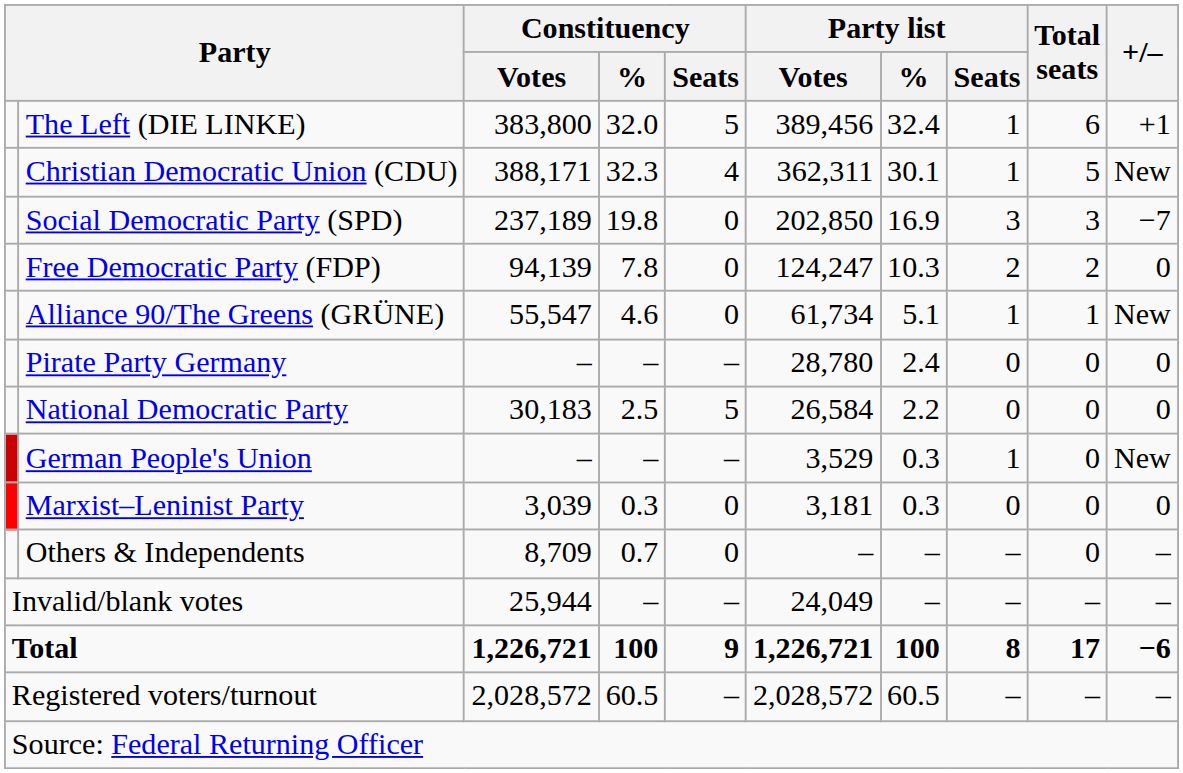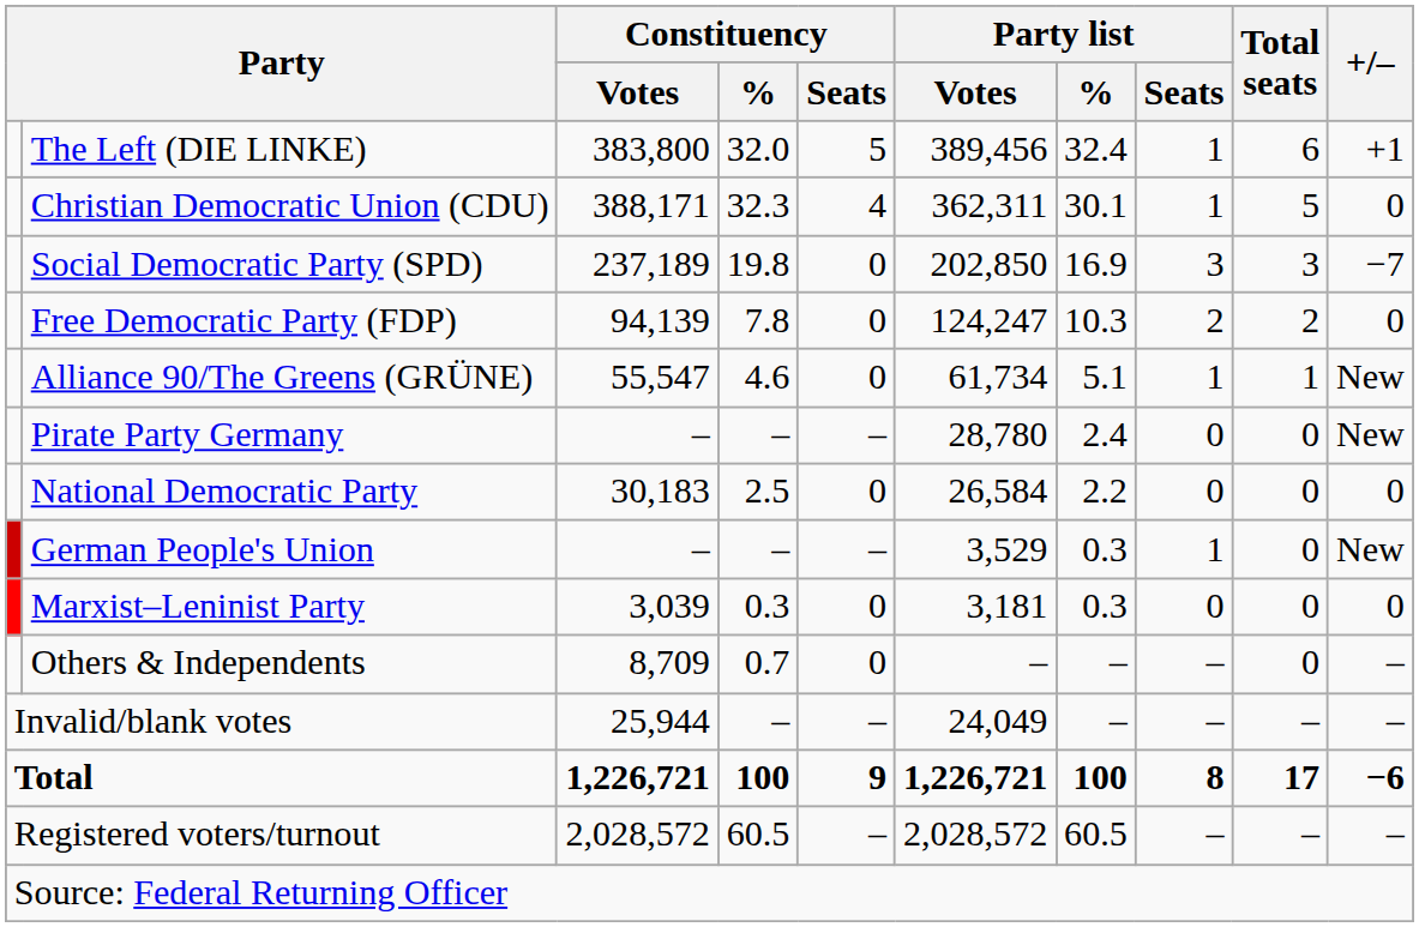 <table class="wikitable" style="text-align:right">
 <tr>
 <th colspan="2" rowspan="2">Party</th>
 <th colspan="3">Constituency</th>
 <th colspan="3">Party list</th>
 <th rowspan="2">Total<br>seats</th>
 <th rowspan="2">+/–</th>
 </tr>
 <tr>
 <th>Votes</th>
 <th>%</th>
 <th>Seats</th>
 <th>Votes</th>
 <th>%</th>
 <th>Seats</th>
 </tr>
 <tr>
 <td></td>
 <td align="left"><a href='#'>The Left</a> (DIE LINKE)</td>
 <td>383,800</td>
 <td>32.0</td>
 <td>5</td>
 <td>389,456</td>
 <td>32.4</td>
 <td>1</td>
 <td>6</td>
 <td>+1</td>
 </tr>
 <tr>
 <td></td>
 <td align="left"><a href='#'>Christian Democratic Union</a> (CDU)</td>
 <td>388,171</td>
 <td>32.3</td>
 <td>4</td>
 <td>362,311</td>
 <td>30.1</td>
 <td>1</td>
 <td>5</td>
-<td>New</td>
+<td>0</td>
 </tr>
 <tr>
 <td></td>
 <td align="left"><a href='#'>Social Democratic Party</a> (SPD)</td>
 <td>237,189</td>
 <td>19.8</td>
 <td>0</td>
 <td>202,850</td>
 <td>16.9</td>
 <td>3</td>
 <td>3</td>
 <td>−7</td>
 </tr>
 <tr>
 <td></td>
 <td align="left"><a href='#'>Free Democratic Party</a> (FDP)</td>
 <td>94,139</td>
 <td>7.8</td>
 <td>0</td>
 <td>124,247</td>
 <td>10.3</td>
 <td>2</td>
 <td>2</td>
 <td>0</td>
 </tr>
 <tr>
 <td></td>
 <td align="left"><a href='#'>Alliance 90/The Greens</a> (GRÜNE)</td>
 <td>55,547</td>
 <td>4.6</td>
 <td>0</td>
 <td>61,734</td>
 <td>5.1</td>
 <td>1</td>
 <td>1</td>
 <td>New</td>
 </tr>
 <tr>
 <td style="background-color:"></td>
 <td align="left"><a href='#'>Pirate Party Germany</a></td>
 <td>–</td>
 <td>–</td>
 <td>–</td>
 <td>28,780</td>
 <td>2.4</td>
 <td>0</td>
 <td>0</td>
-<td>0</td>
+<td>New</td>
 </tr>
 <tr>
 <td style="background-color:"></td>
 <td align="left"><a href='#'>National Democratic Party</a></td>
 <td>30,183</td>
 <td>2.5</td>
-<td>5</td>
+<td>0</td>
 <td>26,584</td>
 <td>2.2</td>
 <td>0</td>
 <td>0</td>
 <td>0</td>
 </tr>
 <tr>
 <td style="background-color:#CC0000"></td>
 <td align="left"><a href='#'>German People's Union</a></td>
 <td>–</td>
 <td>–</td>
 <td>–</td>
 <td>3,529</td>
 <td>0.3</td>
 <td>1</td>
 <td>0</td>
 <td>New</td>
 </tr>
 <tr>
 <td style="background-color:red"></td>
 <td align="left"><a href='#'>Marxist–Leninist Party</a></td>
 <td>3,039</td>
 <td>0.3</td>
 <td>0</td>
 <td>3,181</td>
 <td>0.3</td>
 <td>0</td>
 <td>0</td>
 <td>0</td>
 </tr>
 <tr>
 <td></td>
 <td align="left">Others & Independents</td>
 <td>8,709</td>
 <td>0.7</td>
 <td>0</td>
 <td>–</td>
 <td>–</td>
 <td>–</td>
 <td>0</td>
 <td>–</td>
 </tr>
 <tr>
 <td colspan="2" align="left">Invalid/blank votes</td>
 <td>25,944</td>
 <td>–</td>
 <td>–</td>
 <td>24,049</td>
 <td>–</td>
 <td>–</td>
 <td>–</td>
 <td>–</td>
 </tr>
 <tr>
 <td colspan="2" align="left"><strong>Total</strong></td>
 <td><strong>1,226,721</strong></td>
 <td><strong>100</strong></td>
 <td><strong>9</strong></td>
 <td><strong>1,226,721</strong></td>
 <td><strong>100</strong></td>
 <td><strong>8</strong></td>
 <td><strong>17</strong></td>
 <td><strong>−6</strong></td>
 </tr>
 <tr>
 <td colspan="2" align="left">Registered voters/turnout</td>
 <td>2,028,572</td>
 <td>60.5</td>
 <td>–</td>
 <td>2,028,572</td>
 <td>60.5</td>
 <td>–</td>
 <td>–</td>
 <td>–</td>
 </tr>
 <tr>
 <td colspan="10" align="left">Source: <a href='#'>Federal Returning Officer</a></td>
 </tr>
 </table>
